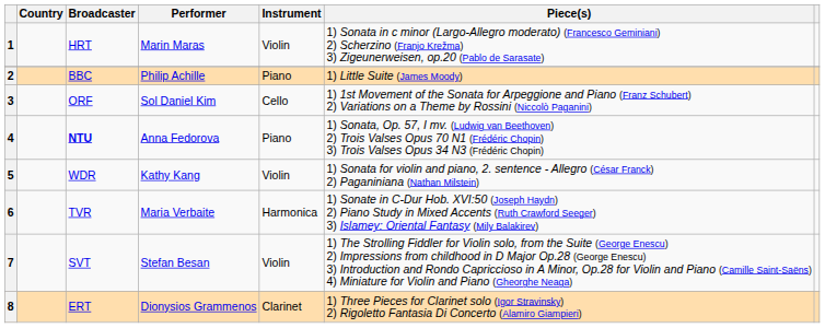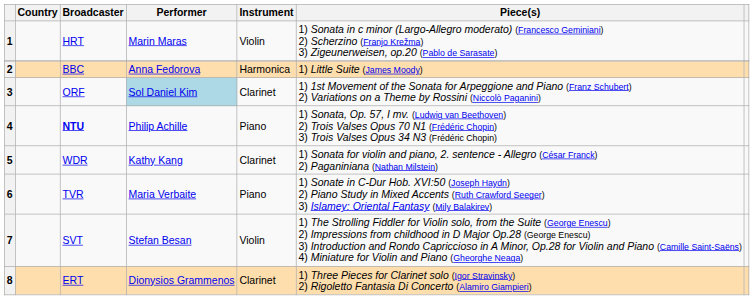 <table class="wikitable sortable plainrowheaders" style="font-size:95%;">
 <tr>
 <th scope="col"></th>
 <th>Country</th>
 <th>Broadcaster</th>
 <th>Performer</th>
 <th>Instrument</th>
 <th>Piece(s)</th>
 <th></th>
 </tr>
 <tr>
 <th scope="row" style="text-align:center;">1</th>
 <td></td>
 <td><a href='#'>HRT</a></td>
 <td><a href='#'>Marin Maras</a></td>
 <td>Violin</td>
 <td>1) <em>Sonata in c minor (Largo-Allegro moderato)</em> <small>(<a href='#'>Francesco Geminiani</a>)</small><br>2) <em>Scherzino</em> <small>(<a href='#'>Franjo Krežma</a>)</small><br>3) <em>Zigeunerweisen, op.20</em> <small>(<a href='#'>Pablo de Sarasate</a>)</small></td>
 <td style="text-align:center;"><em></em></td>
 </tr>
 <tr>
 </tr>
 <tr bgcolor="#FFDEAD">
 <th scope="row" style="text-align:center;">2</th>
 <td></td>
 <td><a href='#'>BBC</a></td>
-<td><a href='#'>Philip Achille</a></td>
-<td>Piano</td>
+<td><a href='#'>Anna Fedorova</a></td>
+<td>Harmonica</td>
 <td>1) <em>Little Suite</em> <small>(<a href='#'>James Moody</a>)</small></td>
 <td style="text-align:center;"><strong></strong></td>
 </tr>
 <tr>
 <th scope="row" style="text-align:center;">3</th>
 <td></td>
 <td><a href='#'>ORF</a></td>
-<td><a href='#'>Sol Daniel Kim</a></td>
-<td>Cello</td>
+<td style="background: lightblue;"><a href='#'>Sol Daniel Kim</a></td>
+<td>Clarinet</td>
 <td>1) <em>1st Movement of the Sonata for Arpeggione and Piano</em> <small>(<a href='#'>Franz Schubert</a>)</small><br>2) <em>Variations on a Theme by Rossini</em> <small>(<a href='#'>Niccolò Paganini</a>)</small></td>
 <td style="text-align:center;"><em></em></td>
 </tr>
 <tr>
 <th scope="row" style="text-align:center;">4</th>
 <td></td>
 <td><strong><a href='#'>NTU</a></strong></td>
-<td><a href='#'>Anna Fedorova</a></td>
+<td><a href='#'>Philip Achille</a></td>
 <td>Piano</td>
 <td>1) <em>Sonata, Op. 57, I mv.</em> <small>(<a href='#'>Ludwig van Beethoven</a>)</small><br>2) <em>Trois Valses Opus 70 N1</em> <small>(<a href='#'>Frédéric Chopin</a>)</small><br>3) <em>Trois Valses Opus 34 N3</em> <small>(Frédéric Chopin)</small></td>
 <td style="text-align:center;"><em></em></td>
 </tr>
 <tr>
 <th scope="row" style="text-align:center;">5</th>
 <td></td>
 <td><a href='#'>WDR</a></td>
 <td><a href='#'>Kathy Kang</a></td>
-<td>Violin</td>
+<td>Clarinet</td>
 <td>1) <em>Sonata for violin and piano, 2. sentence - Allegro</em> <small>(<a href='#'>César Franck</a>)</small><br>2) <em>Paganiniana</em> <small>(<a href='#'>Nathan Milstein</a>)</small></td>
 <td style="text-align:center;"><em></em></td>
 </tr>
 <tr>
 <th scope="row" style="text-align:center;">6</th>
 <td></td>
 <td><a href='#'>TVR</a></td>
 <td><a href='#'>Maria Verbaite</a></td>
-<td>Harmonica</td>
+<td>Piano</td>
 <td>1) <em>Sonate in C-Dur Hob. XVI:50</em> <small>(<a href='#'>Joseph Haydn</a>)</small><br>2) <em>Piano Study in Mixed Accents</em> <small>(<a href='#'>Ruth Crawford Seeger</a>)</small><br>3) <em><a href='#'>Islamey: Oriental Fantasy</a></em> <small>(<a href='#'>Mily Balakirev</a>)</small></td>
 <td style="text-align:center;"><em></em></td>
 </tr>
 <tr>
 <th scope="row" style="text-align:center;">7</th>
 <td></td>
 <td><a href='#'>SVT</a></td>
 <td><a href='#'>Stefan Besan</a></td>
 <td>Violin</td>
 <td>1) <em>The Strolling Fiddler for Violin solo, from the Suite</em> <small>(<a href='#'>George Enescu</a>)</small><br>2) <em>Impressions from childhood in D Major Op.28</em> <small>(George Enescu)</small><br>3) <em>Introduction and Rondo Capriccioso in A Minor, Op.28 for Violin and Piano</em> <small>(<a href='#'>Camille Saint-Saëns</a>)</small><br>4) <em>Miniature for Violin and Piano</em> <small>(<a href='#'>Gheorghe Neaga</a>)</small></td>
 <td style="text-align:center;"><em></em></td>
 </tr>
 <tr bgcolor="#FFDEAD">
 <th scope="row" style="text-align:center;">8</th>
 <td></td>
 <td><a href='#'>ERT</a></td>
 <td><a href='#'>Dionysios Grammenos</a></td>
 <td>Clarinet</td>
 <td>1) <em>Three Pieces for Clarinet solo</em> <small>(<a href='#'>Igor Stravinsky</a>)</small><br>2) <em>Rigoletto Fantasia Di Concerto</em> <small>(<a href='#'>Alamiro Giampieri</a>)</small></td>
 <td style="text-align:center;"><strong></strong></td>
 </tr>
 </table>
